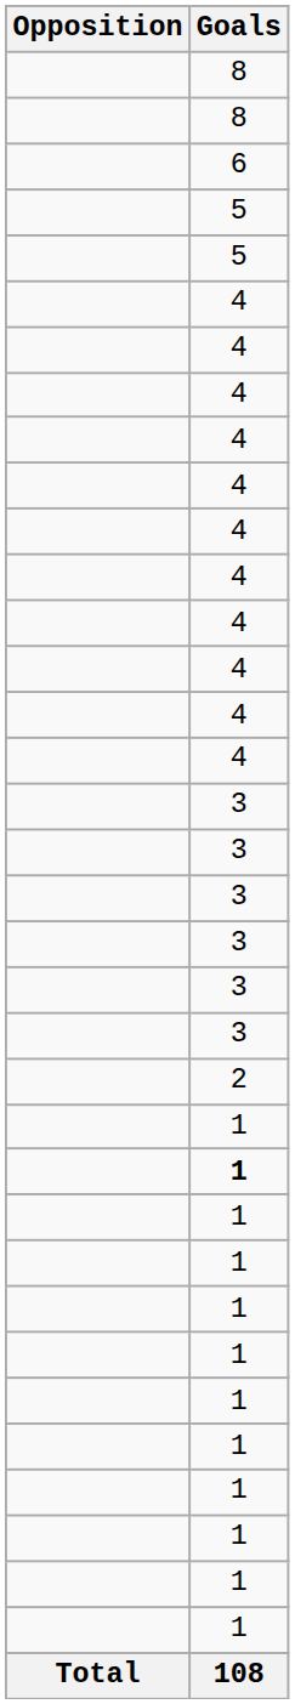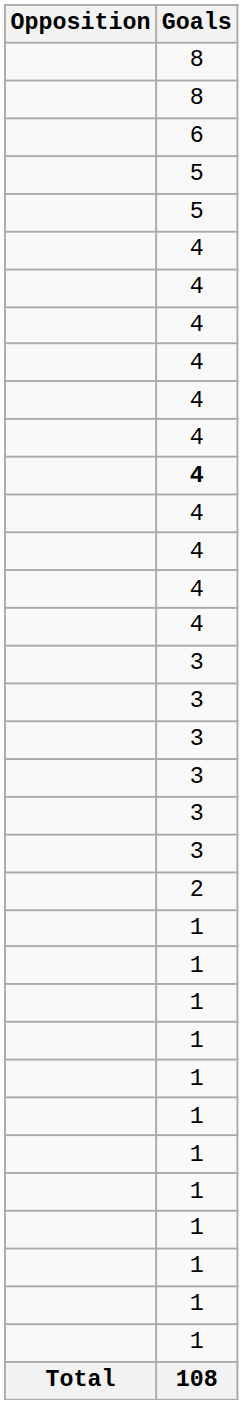 <table class="wikitable plainrowheaders sortable" style="text-align:center;font-size:95%">
 <tr>
 <th scope="col">Opposition</th>
 <th scope="col">Goals</th>
 </tr>
 <tr>
 <td style="text-align:left"></td>
 <td>8</td>
 </tr>
 <tr>
 <td style="text-align:left"></td>
 <td>8</td>
 </tr>
 <tr>
 <td style="text-align:left"></td>
 <td>6</td>
 </tr>
 <tr>
 <td style="text-align:left"></td>
 <td>5</td>
 </tr>
 <tr>
 <td style="text-align:left"></td>
 <td>5</td>
 </tr>
 <tr>
 <td style="text-align:left"></td>
 <td>4</td>
 </tr>
 <tr>
 <td style="text-align:left"></td>
 <td>4</td>
 </tr>
 <tr>
 <td style="text-align:left"></td>
 <td>4</td>
 </tr>
 <tr>
 <td style="text-align:left"></td>
 <td>4</td>
 </tr>
 <tr>
 <td style="text-align:left"></td>
 <td>4</td>
 </tr>
 <tr>
 <td style="text-align:left"></td>
 <td>4</td>
 </tr>
 <tr>
 <td style="text-align:left"></td>
-<td>4</td>
+<td><strong>4</strong></td>
 </tr>
 <tr>
 <td style="text-align:left"></td>
 <td>4</td>
 </tr>
 <tr>
 <td style="text-align:left"></td>
 <td>4</td>
 </tr>
 <tr>
 <td style="text-align:left"></td>
 <td>4</td>
 </tr>
 <tr>
 <td style="text-align:left"></td>
 <td>4</td>
 </tr>
 <tr>
 <td style="text-align:left"></td>
 <td>3</td>
 </tr>
 <tr>
 <td style="text-align:left"></td>
 <td>3</td>
 </tr>
 <tr>
 <td style="text-align:left"></td>
 <td>3</td>
 </tr>
 <tr>
 <td style="text-align:left"></td>
 <td>3</td>
 </tr>
 <tr>
 <td style="text-align:left"></td>
 <td>3</td>
 </tr>
 <tr>
 <td style="text-align:left"></td>
 <td>3</td>
 </tr>
 <tr>
 <td style="text-align:left"></td>
 <td>2</td>
 </tr>
 <tr>
 <td style="text-align:left"></td>
 <td>1</td>
 </tr>
 <tr>
 <td style="text-align:left"></td>
-<td><strong>1</strong></td>
+<td>1</td>
 </tr>
 <tr>
 <td style="text-align:left"></td>
 <td>1</td>
 </tr>
 <tr>
 <td style="text-align:left"></td>
 <td>1</td>
 </tr>
 <tr>
 <td style="text-align:left"></td>
 <td>1</td>
 </tr>
 <tr>
 <td style="text-align:left"></td>
 <td>1</td>
 </tr>
 <tr>
 <td style="text-align:left"></td>
 <td>1</td>
 </tr>
 <tr>
 <td style="text-align:left"></td>
 <td>1</td>
 </tr>
 <tr>
 <td style="text-align:left"></td>
 <td>1</td>
 </tr>
 <tr>
 <td style="text-align:left"></td>
 <td>1</td>
 </tr>
 <tr>
 <td style="text-align:left"></td>
 <td>1</td>
 </tr>
 <tr>
 <td style="text-align:left"></td>
 <td>1</td>
 </tr>
 <tr>
 <th>Total</th>
 <th>108</th>
 </tr>
 </table>
